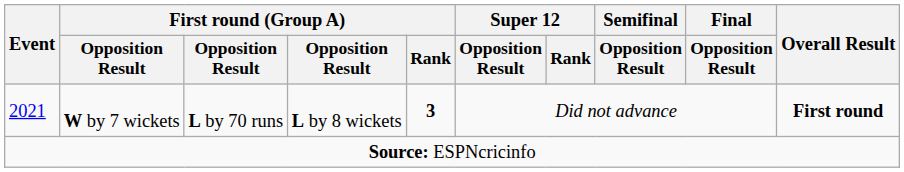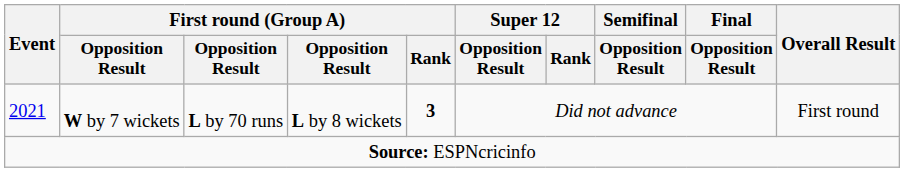 <table class=wikitable style=font-size:90%;text-align:center>
 <tr>
 <th rowspan=2>Event</th>
 <th colspan=4>First round (Group A)</th>
 <th colspan=2>Super 12</th>
 <th>Semifinal</th>
 <th>Final</th>
 <th rowspan=2>Overall Result</th>
 </tr>
 <tr style=font-size:95%>
 <th>Opposition<br>Result</th>
 <th>Opposition<br>Result</th>
 <th>Opposition<br>Result</th>
 <th>Rank</th>
 <th>Opposition<br>Result</th>
 <th>Rank</th>
 <th>Opposition<br>Result</th>
 <th>Opposition<br>Result</th>
 </tr>
 <tr>
 <td align=left><a href='#'>2021</a></td>
 <td><br><strong>W</strong> by 7 wickets</td>
 <td><br><strong>L</strong> by 70 runs</td>
 <td><br><strong>L</strong> by 8 wickets</td>
 <td><strong>3</strong></td>
 <td colspan=4><em>Did not advance</em></td>
-<td><strong>First round</strong></td>
+<td>First round</td>
 </tr>
 <tr>
 <td colspan="11"><strong>Source:</strong> ESPNcricinfo</td>
 </tr>
 </table>
